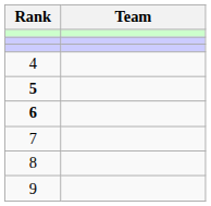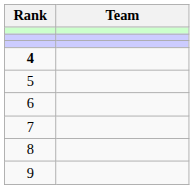 <table class="wikitable" style="text-align: center;">
 <tr>
 <th width=50>Rank</th>
 <th width=140>Team</th>
 </tr>
 <tr bgcolor=#cfc>
 <td></td>
 <td align=left></td>
 </tr>
 <tr bgcolor=#ccf>
 <td></td>
 <td align=left></td>
 </tr>
 <tr bgcolor=#ccf>
 <td></td>
 <td align=left></td>
 </tr>
 <tr>
-<td>4</td>
+<td><strong>4</strong></td>
 <td align=left></td>
 </tr>
 <tr>
-<td><strong>5</strong></td>
+<td>5</td>
 <td align=left></td>
 </tr>
 <tr>
-<td><strong>6</strong></td>
+<td>6</td>
 <td align=left></td>
 </tr>
 <tr>
 <td>7</td>
 <td align=left></td>
 </tr>
 <tr>
 <td>8</td>
 <td align=left></td>
 </tr>
 <tr>
 <td>9</td>
 <td align=left></td>
 </tr>
 </table>
